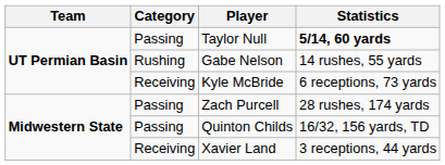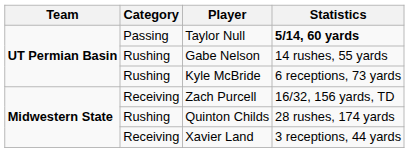 <table class="wikitable" style="float: right;">
 <tr>
 <th>Team</th>
 <th>Category</th>
 <th>Player</th>
 <th>Statistics</th>
 </tr>
 <tr>
 <td rowspan=3><strong>UT Permian Basin</strong></td>
 <td>Passing</td>
 <td>Taylor Null</td>
 <td><strong>5/14, 60 yards</strong></td>
 </tr>
 <tr>
 <td>Rushing</td>
 <td>Gabe Nelson</td>
 <td>14 rushes, 55 yards</td>
 </tr>
 <tr>
-<td>Receiving</td>
+<td>Rushing</td>
 <td>Kyle McBride</td>
 <td>6 receptions, 73 yards</td>
 </tr>
 <tr>
 <td rowspan=3><strong>Midwestern State</strong></td>
-<td>Passing</td>
+<td>Receiving</td>
 <td>Zach Purcell</td>
-<td>28 rushes, 174 yards</td>
+<td>16/32, 156 yards, TD</td>
 </tr>
 <tr>
-<td>Passing</td>
+<td>Rushing</td>
 <td>Quinton Childs</td>
-<td>16/32, 156 yards, TD</td>
+<td>28 rushes, 174 yards</td>
 </tr>
 <tr>
 <td>Receiving</td>
 <td>Xavier Land</td>
 <td>3 receptions, 44 yards</td>
 </tr>
 </table>
